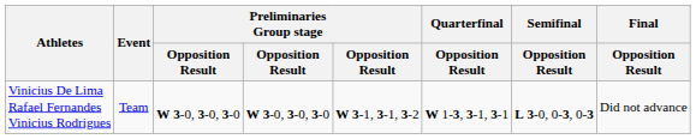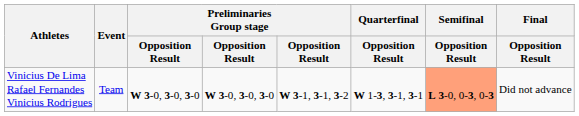 <table class="wikitable" style="font-size:90%">
 <tr>
 <th rowspan=2>Athletes</th>
 <th rowspan=2>Event</th>
 <th colspan=3>Preliminaries<br>Group stage</th>
 <th>Quarterfinal</th>
 <th>Semifinal</th>
 <th>Final</th>
 </tr>
 <tr>
 <th>Opposition<br>Result</th>
 <th>Opposition<br>Result</th>
 <th>Opposition<br>Result</th>
 <th>Opposition<br>Result</th>
 <th>Opposition<br>Result</th>
 <th>Opposition<br>Result</th>
 </tr>
 <tr>
 <td><a href='#'>Vinicius De Lima</a><br><a href='#'>Rafael Fernandes</a><br><a href='#'>Vinicius Rodrigues</a></td>
 <td align=center><a href='#'>Team</a></td>
 <td align=center><br><strong>W</strong> <strong>3</strong>-0, <strong>3</strong>-0, <strong>3</strong>-0</td>
 <td align=center><br><strong>W</strong> <strong>3</strong>-0, <strong>3</strong>-0, <strong>3</strong>-0</td>
 <td align=center><br><strong>W</strong> <strong>3</strong>-1, <strong>3</strong>-1, <strong>3</strong>-2</td>
 <td align=center><br><strong>W</strong> 1-<strong>3</strong>, <strong>3</strong>-1, <strong>3</strong>-1</td>
-<td align=center><br><strong>L</strong> <strong>3</strong>-0, 0-<strong>3</strong>, 0-<strong>3</strong><br></td>
+<td align=center style="background: lightsalmon;"><br><strong>L</strong> <strong>3</strong>-0, 0-<strong>3</strong>, 0-<strong>3</strong><br></td>
 <td align="center" colspan="7">Did not advance</td>
 </tr>
 </table>
